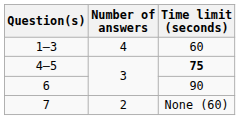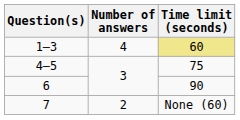 <table class="wikitable" style="text-align:center">
 <tr Time limit and Answers per Question>
 <th>Question(s)</th>
 <th>Number of<br>answers</th>
 <th>Time limit<br>(seconds)</th>
 </tr>
 <tr>
 <td>1–3</td>
 <td>4</td>
-<td>60</td>
+<td style="background: khaki;">60</td>
 </tr>
 <tr>
 <td>4–5</td>
 <td rowspan="2">3</td>
-<td><strong>75</strong></td>
+<td>75</td>
 </tr>
 <tr>
 <td>6</td>
 <td>90</td>
 </tr>
 <tr>
 <td>7</td>
 <td>2</td>
 <td>None (60)</td>
 </tr>
 </table>
